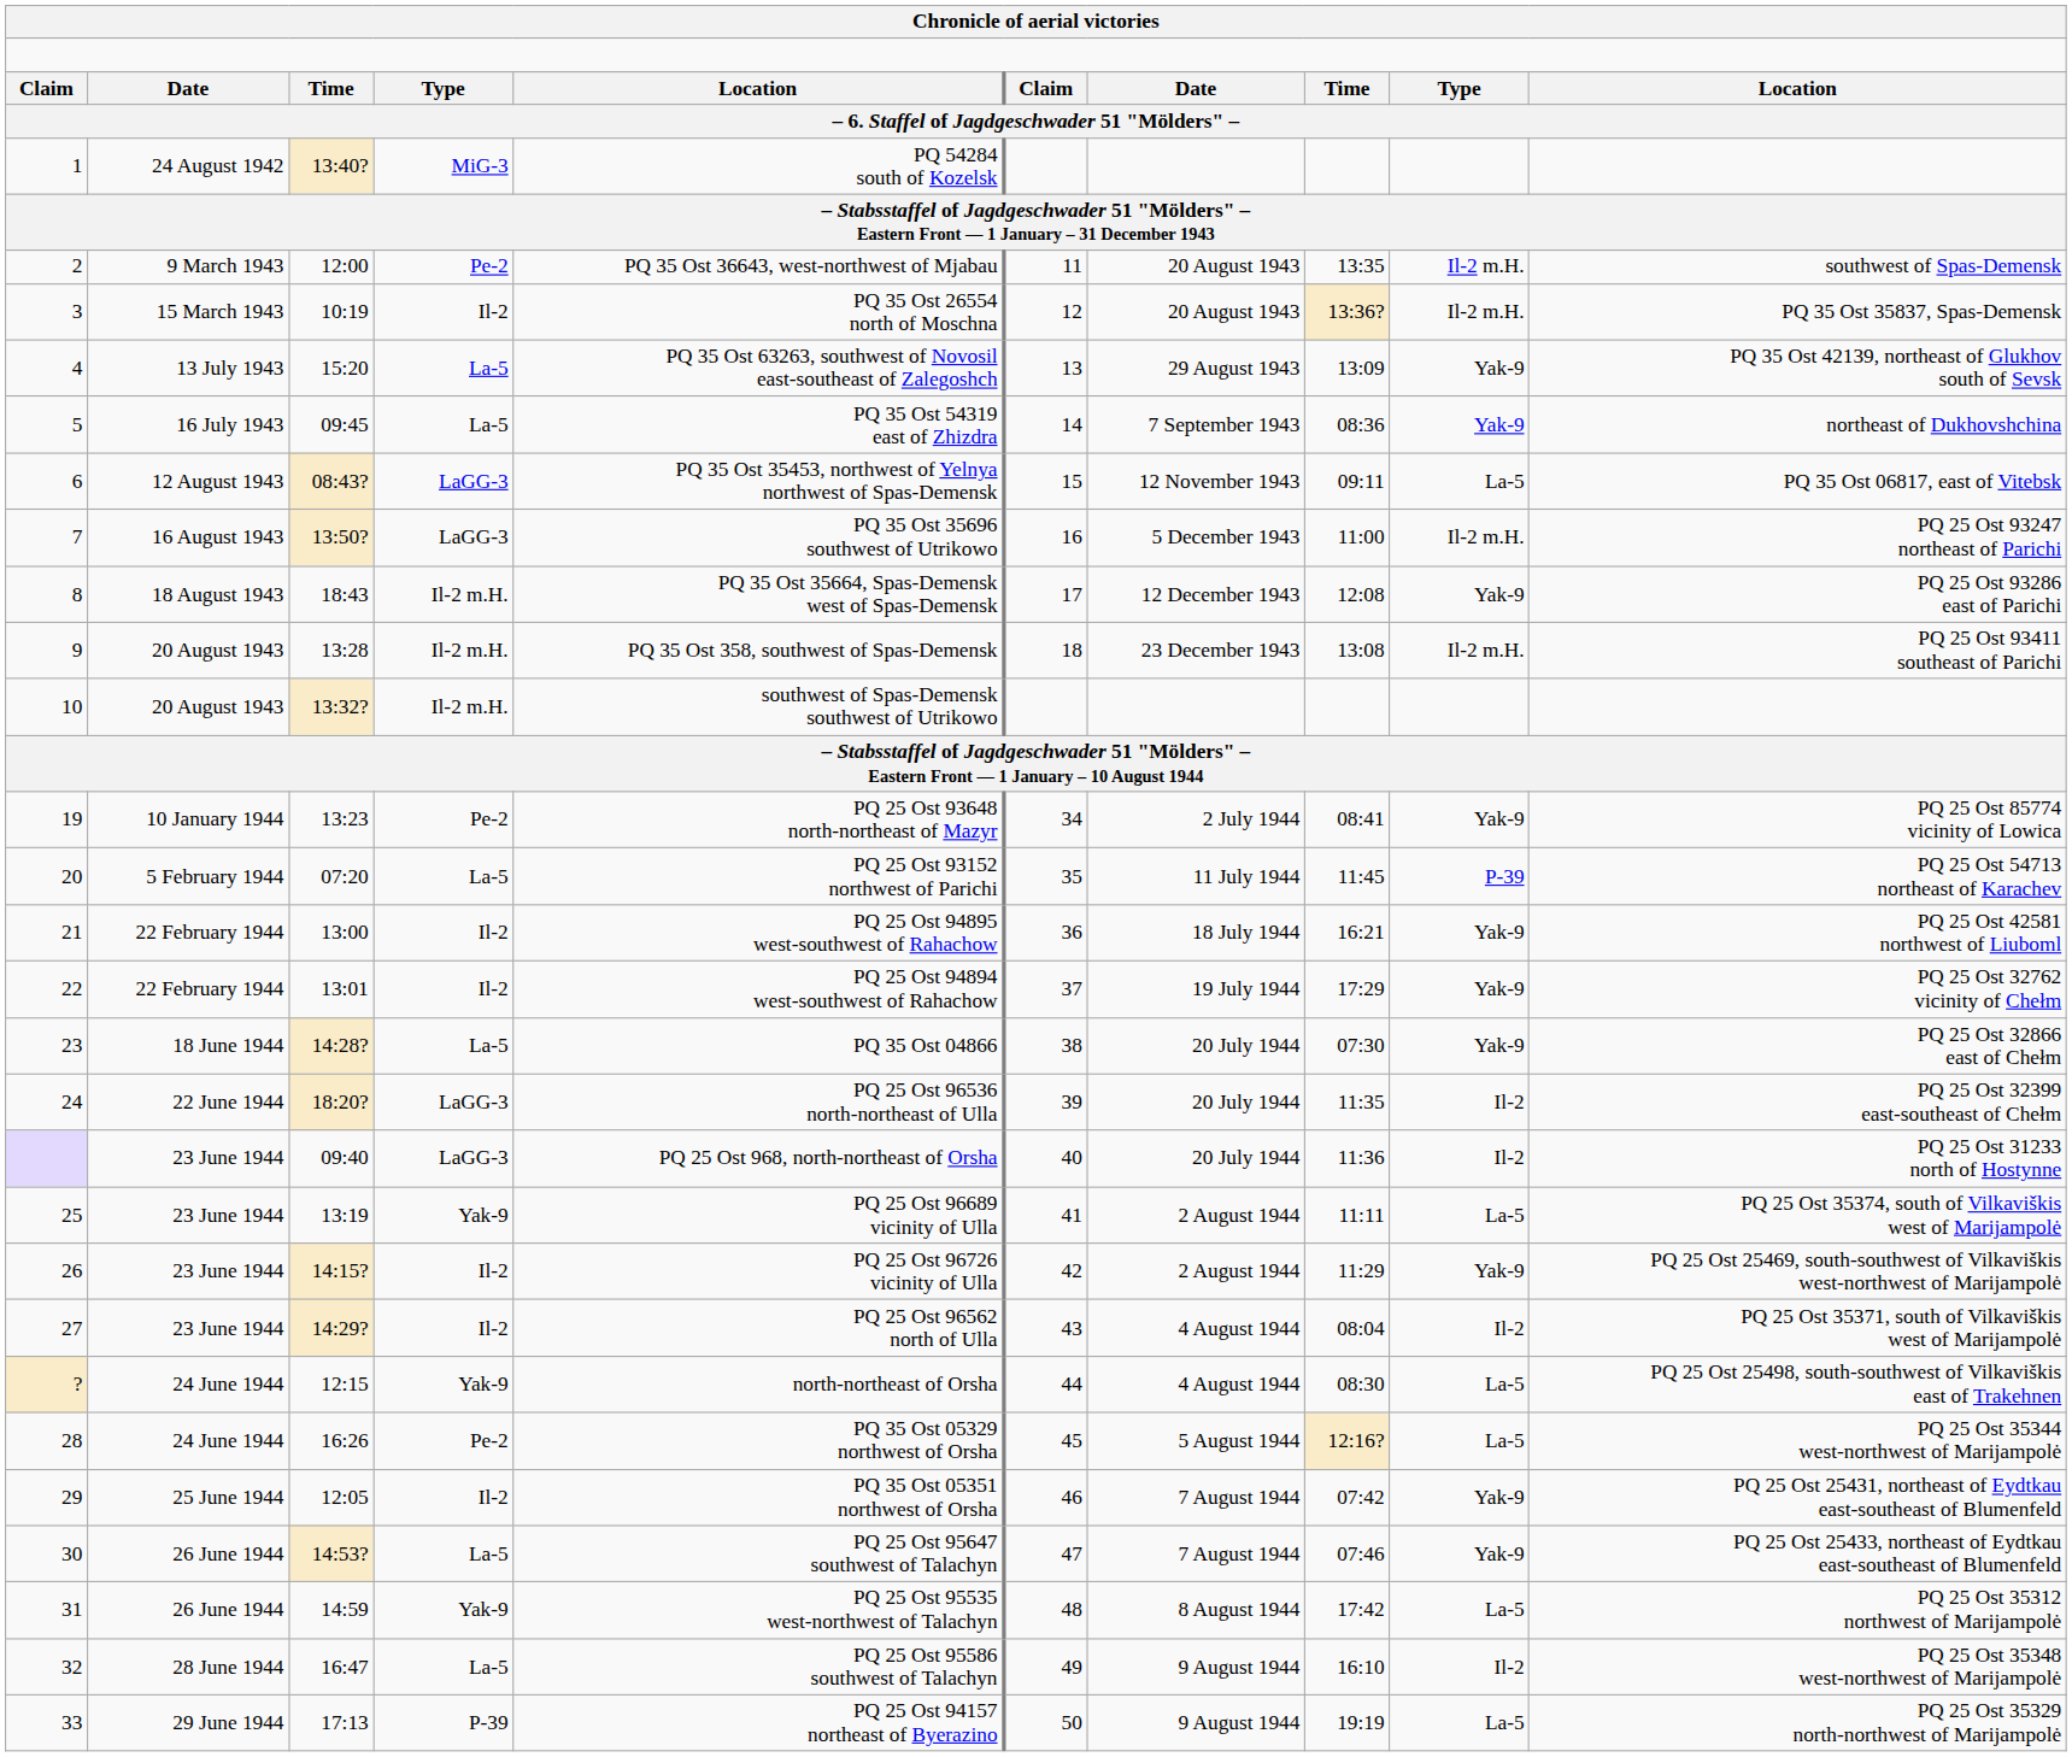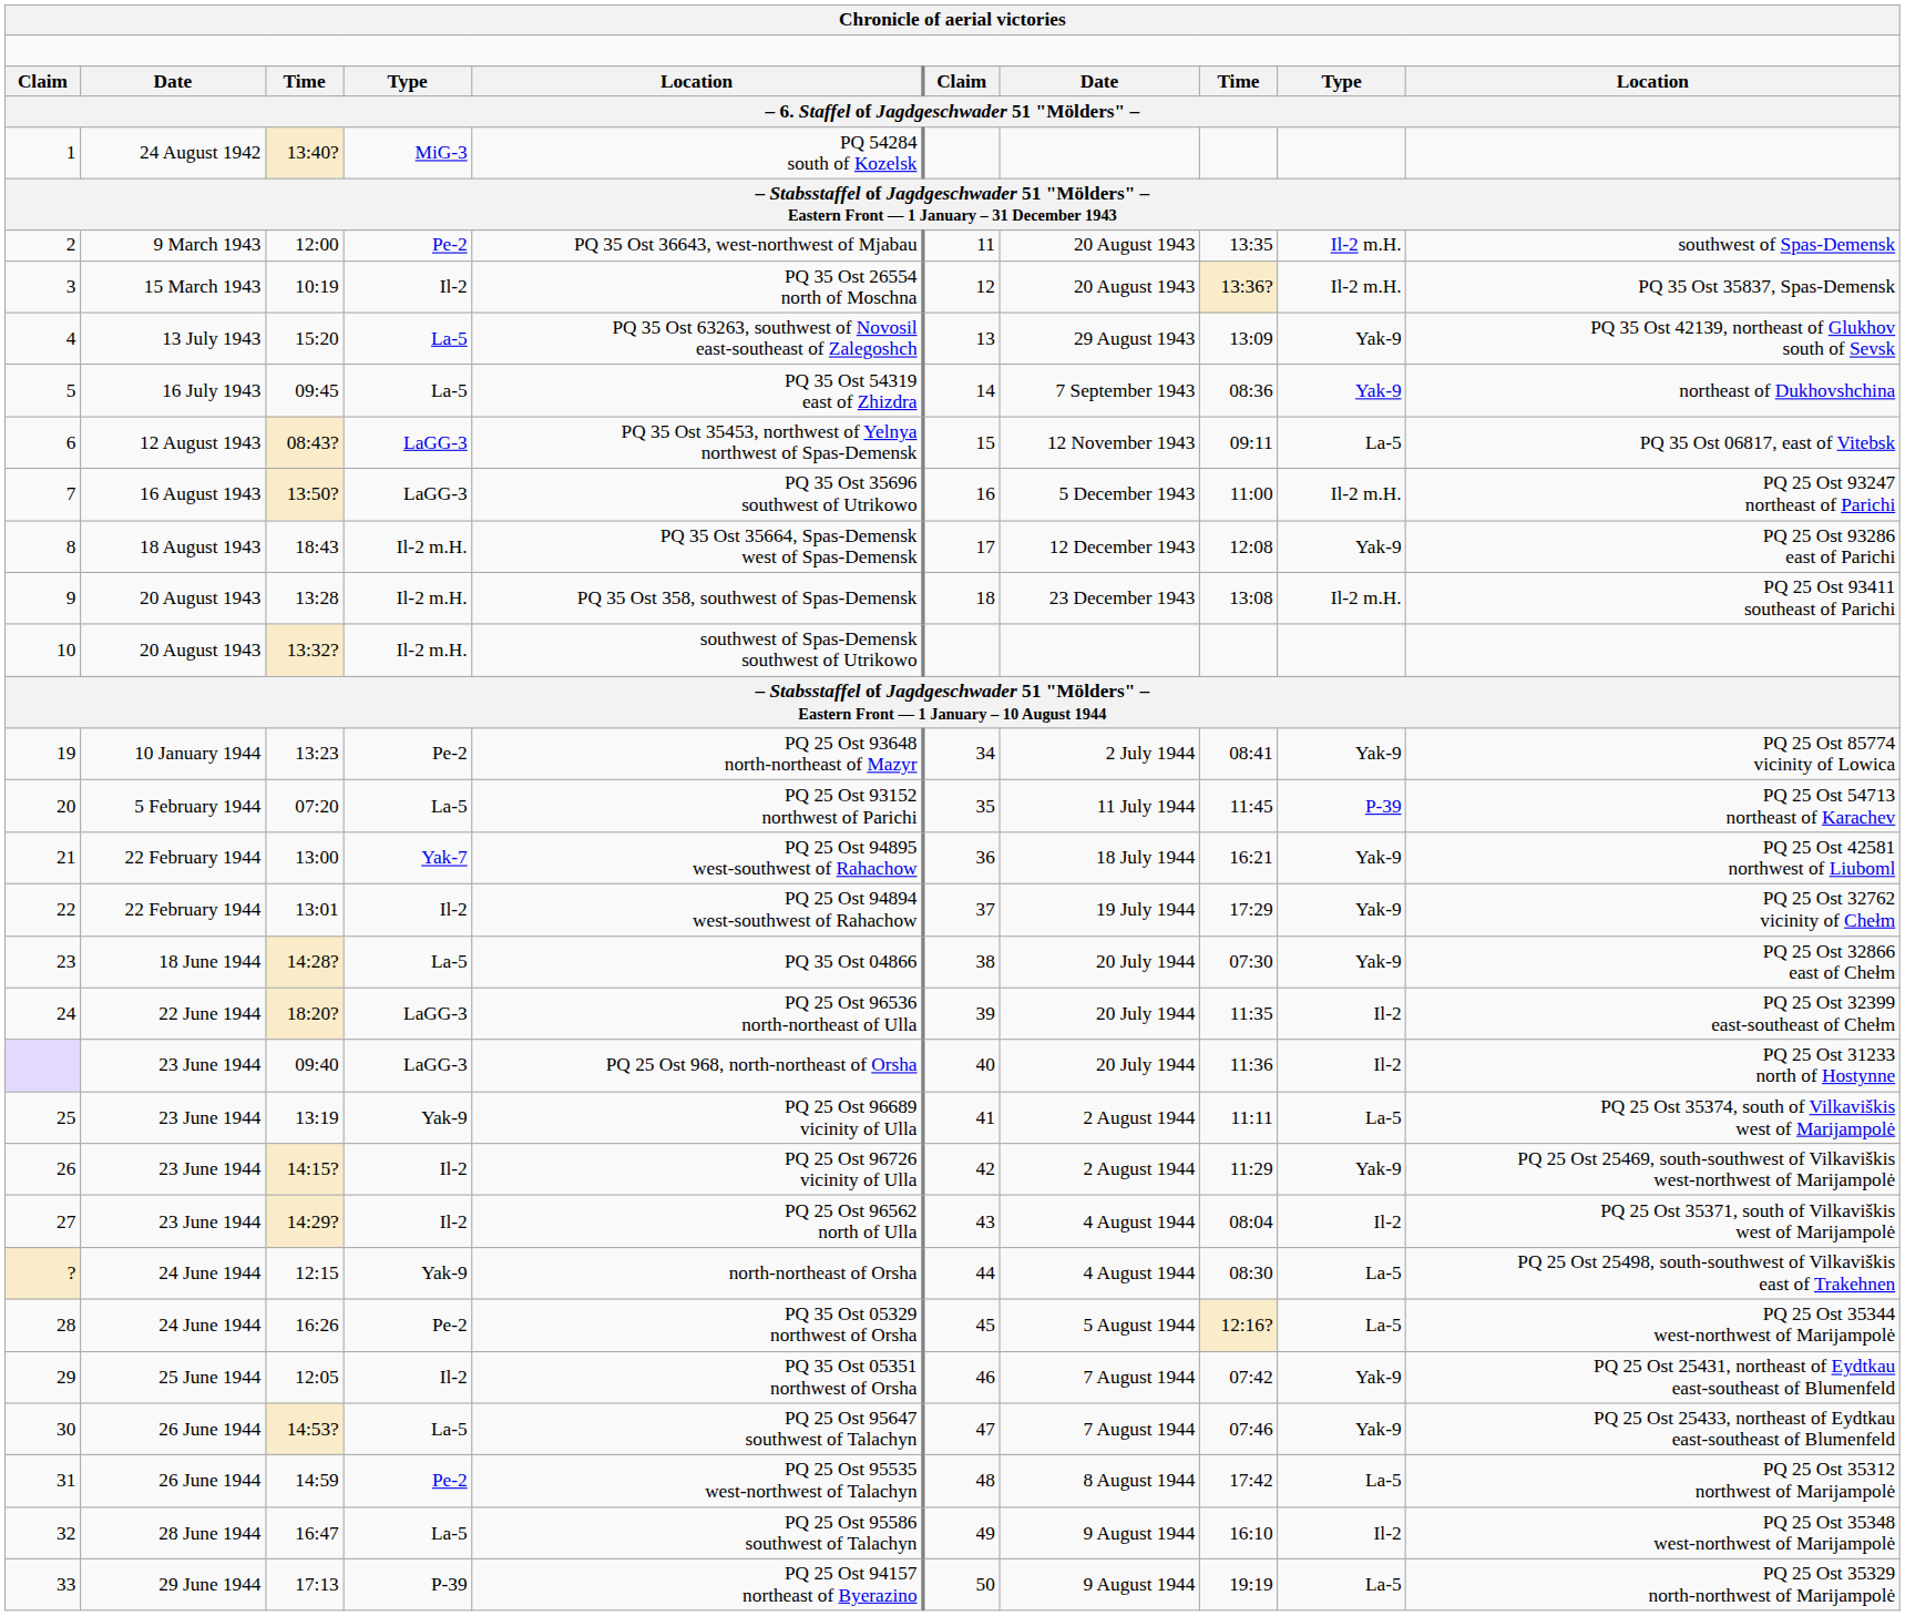 <table class="wikitable plainrowheaders collapsible" style="margin-left: auto; margin-right: auto; border: none; text-align:right; width: 100%;">
 <tr>
 <th colspan="10">Chronicle of aerial victories</th>
 </tr>
 <tr>
 <td colspan="10" style="text-align: left;"><br> </td>
 </tr>
 <tr>
 <th scope="col">Claim</th>
 <th scope="col">Date</th>
 <th scope="col">Time</th>
 <th scope="col" width="100px">Type</th>
 <th scope="col">Location</th>
 <th scope="col" style="border-left: 3px solid grey;">Claim</th>
 <th scope="col">Date</th>
 <th scope="col">Time</th>
 <th scope="col" width="100px">Type</th>
 <th scope="col">Location</th>
 </tr>
 <tr>
 <th colspan="10">– 6. <em>Staffel</em> of <em>Jagdgeschwader</em> 51 "Mölders" –</th>
 </tr>
 <tr>
 <td>1</td>
 <td>24 August 1942</td>
 <td style="background:#faecc8">13:40?</td>
 <td><a href='#'>MiG-3</a></td>
 <td>PQ 54284<br> south of <a href='#'>Kozelsk</a></td>
 <td style="border-left: 3px solid grey;"></td>
 <td></td>
 <td></td>
 <td></td>
 <td></td>
 </tr>
 <tr>
 <th colspan="10">– <em>Stabsstaffel</em> of <em>Jagdgeschwader</em> 51 "Mölders" –<br><small>Eastern Front — 1 January – 31 December 1943</small></th>
 </tr>
 <tr>
 <td>2</td>
 <td>9 March 1943</td>
 <td>12:00</td>
 <td><a href='#'>Pe-2</a></td>
 <td>PQ 35 Ost 36643,  west-northwest of Mjabau</td>
 <td style="border-left: 3px solid grey;">11</td>
 <td>20 August 1943</td>
 <td>13:35</td>
 <td><a href='#'>Il-2</a> m.H.</td>
 <td>southwest of <a href='#'>Spas-Demensk</a></td>
 </tr>
 <tr>
 <td>3</td>
 <td>15 March 1943</td>
 <td>10:19</td>
 <td>Il-2</td>
 <td>PQ 35 Ost 26554<br> north of Moschna</td>
 <td style="border-left: 3px solid grey;">12</td>
 <td>20 August 1943</td>
 <td style="background:#faecc8">13:36?</td>
 <td>Il-2 m.H.</td>
 <td>PQ 35 Ost 35837, Spas-Demensk</td>
 </tr>
 <tr>
 <td>4</td>
 <td>13 July 1943</td>
 <td>15:20</td>
 <td><a href='#'>La-5</a></td>
 <td>PQ 35 Ost 63263,  southwest of <a href='#'>Novosil</a><br> east-southeast of <a href='#'>Zalegoshch</a></td>
 <td style="border-left: 3px solid grey;">13</td>
 <td>29 August 1943</td>
 <td>13:09</td>
 <td>Yak-9</td>
 <td>PQ 35 Ost 42139,  northeast of <a href='#'>Glukhov</a><br> south of <a href='#'>Sevsk</a></td>
 </tr>
 <tr>
 <td>5</td>
 <td>16 July 1943</td>
 <td>09:45</td>
 <td>La-5</td>
 <td>PQ 35 Ost 54319<br> east of <a href='#'>Zhizdra</a></td>
 <td style="border-left: 3px solid grey;">14</td>
 <td>7 September 1943</td>
 <td>08:36</td>
 <td><a href='#'>Yak-9</a></td>
 <td>northeast of <a href='#'>Dukhovshchina</a></td>
 </tr>
 <tr>
 <td>6</td>
 <td>12 August 1943</td>
 <td style="background:#faecc8">08:43?</td>
 <td><a href='#'>LaGG-3</a></td>
 <td>PQ 35 Ost 35453,  northwest of <a href='#'>Yelnya</a><br> northwest of Spas-Demensk</td>
 <td style="border-left: 3px solid grey;">15</td>
 <td>12 November 1943</td>
 <td>09:11</td>
 <td>La-5</td>
 <td>PQ 35 Ost 06817,  east of <a href='#'>Vitebsk</a></td>
 </tr>
 <tr>
 <td>7</td>
 <td>16 August 1943</td>
 <td style="background:#faecc8">13:50?</td>
 <td>LaGG-3</td>
 <td>PQ 35 Ost 35696<br> southwest of Utrikowo</td>
 <td style="border-left: 3px solid grey;">16</td>
 <td>5 December 1943</td>
 <td>11:00</td>
 <td>Il-2 m.H.</td>
 <td>PQ 25 Ost 93247<br> northeast of <a href='#'>Parichi</a></td>
 </tr>
 <tr>
 <td>8</td>
 <td>18 August 1943</td>
 <td>18:43</td>
 <td>Il-2 m.H.</td>
 <td>PQ 35 Ost 35664, Spas-Demensk<br> west of Spas-Demensk</td>
 <td style="border-left: 3px solid grey;">17</td>
 <td>12 December 1943</td>
 <td>12:08</td>
 <td>Yak-9</td>
 <td>PQ 25 Ost 93286<br> east of Parichi</td>
 </tr>
 <tr>
 <td>9</td>
 <td>20 August 1943</td>
 <td>13:28</td>
 <td>Il-2 m.H.</td>
 <td>PQ 35 Ost 358, southwest of Spas-Demensk</td>
 <td style="border-left: 3px solid grey;">18</td>
 <td>23 December 1943</td>
 <td>13:08</td>
 <td>Il-2 m.H.</td>
 <td>PQ 25 Ost 93411<br> southeast of Parichi</td>
 </tr>
 <tr>
 <td>10</td>
 <td>20 August 1943</td>
 <td style="background:#faecc8">13:32?</td>
 <td>Il-2 m.H.</td>
 <td>southwest of Spas-Demensk<br> southwest of Utrikowo</td>
 <td style="border-left: 3px solid grey;"></td>
 <td></td>
 <td></td>
 <td></td>
 <td></td>
 </tr>
 <tr>
 <th colspan="10">– <em>Stabsstaffel</em> of <em>Jagdgeschwader</em> 51 "Mölders" –<br><small>Eastern Front — 1 January – 10 August 1944</small></th>
 </tr>
 <tr>
 <td>19</td>
 <td>10 January 1944</td>
 <td>13:23</td>
 <td>Pe-2</td>
 <td>PQ 25 Ost 93648<br> north-northeast of <a href='#'>Mazyr</a></td>
 <td style="border-left: 3px solid grey;">34</td>
 <td>2 July 1944</td>
 <td>08:41</td>
 <td>Yak-9</td>
 <td>PQ 25 Ost 85774<br>vicinity of Lowica</td>
 </tr>
 <tr>
 <td>20</td>
 <td>5 February 1944</td>
 <td>07:20</td>
 <td>La-5</td>
 <td>PQ 25 Ost 93152<br> northwest of Parichi</td>
 <td style="border-left: 3px solid grey;">35</td>
 <td>11 July 1944</td>
 <td>11:45</td>
 <td><a href='#'>P-39</a></td>
 <td>PQ 25 Ost 54713<br> northeast of <a href='#'>Karachev</a></td>
 </tr>
 <tr>
 <td>21</td>
 <td>22 February 1944</td>
 <td>13:00</td>
-<td>Il-2</td>
+<td><a href='#'>Yak-7</a></td>
 <td>PQ 25 Ost 94895<br> west-southwest of <a href='#'>Rahachow</a></td>
 <td style="border-left: 3px solid grey;">36</td>
 <td>18 July 1944</td>
 <td>16:21</td>
 <td>Yak-9</td>
 <td>PQ 25 Ost 42581<br> northwest of <a href='#'>Liuboml</a></td>
 </tr>
 <tr>
 <td>22</td>
 <td>22 February 1944</td>
 <td>13:01</td>
 <td>Il-2</td>
 <td>PQ 25 Ost 94894<br> west-southwest of Rahachow</td>
 <td style="border-left: 3px solid grey;">37</td>
 <td>19 July 1944</td>
 <td>17:29</td>
 <td>Yak-9</td>
 <td>PQ 25 Ost 32762<br>vicinity of <a href='#'>Chełm</a></td>
 </tr>
 <tr>
 <td>23</td>
 <td>18 June 1944</td>
 <td style="background:#faecc8">14:28?</td>
 <td>La-5</td>
 <td>PQ 35 Ost 04866</td>
 <td style="border-left: 3px solid grey;">38</td>
 <td>20 July 1944</td>
 <td>07:30</td>
 <td>Yak-9</td>
 <td>PQ 25 Ost 32866<br> east of Chełm</td>
 </tr>
 <tr>
 <td>24</td>
 <td>22 June 1944</td>
 <td style="background:#faecc8">18:20?</td>
 <td>LaGG-3</td>
 <td>PQ 25 Ost 96536<br> north-northeast of Ulla</td>
 <td style="border-left: 3px solid grey;">39</td>
 <td>20 July 1944</td>
 <td>11:35</td>
 <td>Il-2</td>
 <td>PQ 25 Ost 32399<br> east-southeast of Chełm</td>
 </tr>
 <tr>
 <td style="background:#e3d9ff;"></td>
 <td>23 June 1944</td>
 <td>09:40</td>
 <td>LaGG-3</td>
 <td>PQ 25 Ost 968, north-northeast of <a href='#'>Orsha</a></td>
 <td style="border-left: 3px solid grey;">40</td>
 <td>20 July 1944</td>
 <td>11:36</td>
 <td>Il-2</td>
 <td>PQ 25 Ost 31233<br> north of <a href='#'>Hostynne</a></td>
 </tr>
 <tr>
 <td>25</td>
 <td>23 June 1944</td>
 <td>13:19</td>
 <td>Yak-9</td>
 <td>PQ 25 Ost 96689<br>vicinity of Ulla</td>
 <td style="border-left: 3px solid grey;">41</td>
 <td>2 August 1944</td>
 <td>11:11</td>
 <td>La-5</td>
 <td>PQ 25 Ost 35374,  south of <a href='#'>Vilkaviškis</a><br> west of <a href='#'>Marijampolė</a></td>
 </tr>
 <tr>
 <td>26</td>
 <td>23 June 1944</td>
 <td style="background:#faecc8">14:15?</td>
 <td>Il-2</td>
 <td>PQ 25 Ost 96726<br>vicinity of Ulla</td>
 <td style="border-left: 3px solid grey;">42</td>
 <td>2 August 1944</td>
 <td>11:29</td>
 <td>Yak-9</td>
 <td>PQ 25 Ost 25469,  south-southwest of Vilkaviškis<br> west-northwest of Marijampolė</td>
 </tr>
 <tr>
 <td>27</td>
 <td>23 June 1944</td>
 <td style="background:#faecc8">14:29?</td>
 <td>Il-2</td>
 <td>PQ 25 Ost 96562<br> north of Ulla</td>
 <td style="border-left: 3px solid grey;">43</td>
 <td>4 August 1944</td>
 <td>08:04</td>
 <td>Il-2</td>
 <td>PQ 25 Ost 35371,  south of Vilkaviškis<br> west of Marijampolė</td>
 </tr>
 <tr>
 <td style="background:#faecc8">?</td>
 <td>24 June 1944</td>
 <td>12:15</td>
 <td>Yak-9</td>
 <td> north-northeast of Orsha</td>
 <td style="border-left: 3px solid grey;">44</td>
 <td>4 August 1944</td>
 <td>08:30</td>
 <td>La-5</td>
 <td>PQ 25 Ost 25498,  south-southwest of Vilkaviškis<br> east of <a href='#'>Trakehnen</a></td>
 </tr>
 <tr>
 <td>28</td>
 <td>24 June 1944</td>
 <td>16:26</td>
 <td>Pe-2</td>
 <td>PQ 35 Ost 05329<br> northwest of Orsha</td>
 <td style="border-left: 3px solid grey;">45</td>
 <td>5 August 1944</td>
 <td style="background:#faecc8">12:16?</td>
 <td>La-5</td>
 <td>PQ 25 Ost 35344<br> west-northwest of Marijampolė</td>
 </tr>
 <tr>
 <td>29</td>
 <td>25 June 1944</td>
 <td>12:05</td>
 <td>Il-2</td>
 <td>PQ 35 Ost 05351<br> northwest of Orsha</td>
 <td style="border-left: 3px solid grey;">46</td>
 <td>7 August 1944</td>
 <td>07:42</td>
 <td>Yak-9</td>
 <td>PQ 25 Ost 25431,  northeast of <a href='#'>Eydtkau</a><br> east-southeast of Blumenfeld</td>
 </tr>
 <tr>
 <td>30</td>
 <td>26 June 1944</td>
 <td style="background:#faecc8">14:53?</td>
 <td>La-5</td>
 <td>PQ 25 Ost 95647<br> southwest of Talachyn</td>
 <td style="border-left: 3px solid grey;">47</td>
 <td>7 August 1944</td>
 <td>07:46</td>
 <td>Yak-9</td>
 <td>PQ 25 Ost 25433,  northeast of Eydtkau<br> east-southeast of Blumenfeld</td>
 </tr>
 <tr>
 <td>31</td>
 <td>26 June 1944</td>
 <td>14:59</td>
-<td>Yak-9</td>
+<td><a href='#'>Pe-2</a></td>
 <td>PQ 25 Ost 95535<br> west-northwest of Talachyn</td>
 <td style="border-left: 3px solid grey;">48</td>
 <td>8 August 1944</td>
 <td>17:42</td>
 <td>La-5</td>
 <td>PQ 25 Ost 35312<br> northwest of Marijampolė</td>
 </tr>
 <tr>
 <td>32</td>
 <td>28 June 1944</td>
 <td>16:47</td>
 <td>La-5</td>
 <td>PQ 25 Ost 95586<br> southwest of Talachyn</td>
 <td style="border-left: 3px solid grey;">49</td>
 <td>9 August 1944</td>
 <td>16:10</td>
 <td>Il-2</td>
 <td>PQ 25 Ost 35348<br> west-northwest of Marijampolė</td>
 </tr>
 <tr>
 <td>33</td>
 <td>29 June 1944</td>
 <td>17:13</td>
 <td>P-39</td>
 <td>PQ 25 Ost 94157<br> northeast of <a href='#'>Byerazino</a></td>
 <td style="border-left: 3px solid grey;">50</td>
 <td>9 August 1944</td>
 <td>19:19</td>
 <td>La-5</td>
 <td>PQ 25 Ost 35329<br> north-northwest of Marijampolė</td>
 </tr>
 </table>
